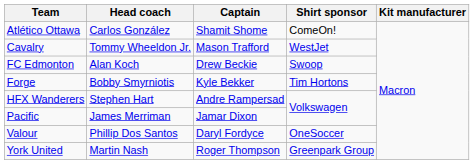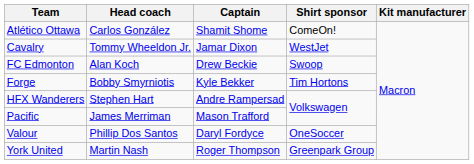 <table class="wikitable">
 <tr>
 <th>Team</th>
 <th>Head coach</th>
 <th>Captain</th>
 <th>Shirt sponsor</th>
 <th>Kit manufacturer</th>
 </tr>
 <tr>
 <td><a href='#'>Atlético Ottawa</a></td>
 <td> <a href='#'>Carlos González</a></td>
 <td> <a href='#'>Shamit Shome</a></td>
 <td>ComeOn!</td>
 <td rowspan="8"><a href='#'>Macron</a></td>
 </tr>
 <tr>
 <td><a href='#'>Cavalry</a></td>
 <td> <a href='#'>Tommy Wheeldon Jr.</a></td>
-<td> <a href='#'>Mason Trafford</a></td>
+<td> <a href='#'>Jamar Dixon</a></td>
 <td><a href='#'>WestJet</a></td>
 </tr>
 <tr>
 <td><a href='#'>FC Edmonton</a></td>
 <td> <a href='#'>Alan Koch</a></td>
 <td> <a href='#'>Drew Beckie</a></td>
 <td><a href='#'>Swoop</a></td>
 </tr>
 <tr>
 <td><a href='#'>Forge</a></td>
 <td> <a href='#'>Bobby Smyrniotis</a></td>
 <td> <a href='#'>Kyle Bekker</a></td>
 <td><a href='#'>Tim Hortons</a></td>
 </tr>
 <tr>
 <td><a href='#'>HFX Wanderers</a></td>
 <td> <a href='#'>Stephen Hart</a></td>
 <td> <a href='#'>Andre Rampersad</a></td>
 <td rowspan="2"><a href='#'>Volkswagen</a></td>
 </tr>
 <tr>
 <td><a href='#'>Pacific</a></td>
 <td> <a href='#'>James Merriman</a></td>
-<td> <a href='#'>Jamar Dixon</a></td>
+<td> <a href='#'>Mason Trafford</a></td>
 </tr>
 <tr>
 <td><a href='#'>Valour</a></td>
 <td> <a href='#'>Phillip Dos Santos</a></td>
 <td> <a href='#'>Daryl Fordyce</a></td>
 <td><a href='#'>OneSoccer</a></td>
 </tr>
 <tr>
 <td><a href='#'>York United</a></td>
 <td> <a href='#'>Martin Nash</a></td>
 <td> <a href='#'>Roger Thompson</a></td>
 <td><a href='#'>Greenpark Group</a></td>
 </tr>
 </table>
